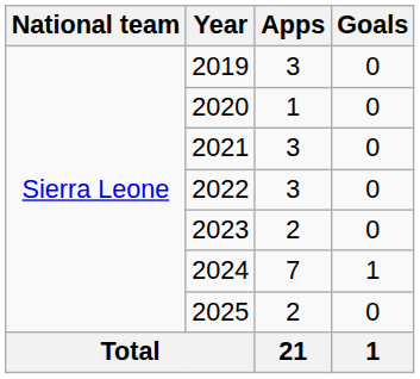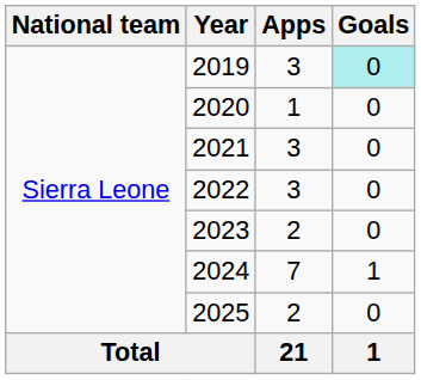 <table class="wikitable" style="text-align:center">
 <tr>
 <th>National team</th>
 <th>Year</th>
 <th>Apps</th>
 <th>Goals</th>
 </tr>
 <tr>
 <td rowspan="7"><a href='#'>Sierra Leone</a></td>
 <td>2019</td>
 <td>3</td>
-<td>0</td>
+<td style="background: paleturquoise;">0</td>
 </tr>
 <tr>
 <td>2020</td>
 <td>1</td>
 <td>0</td>
 </tr>
 <tr>
 <td>2021</td>
 <td>3</td>
 <td>0</td>
 </tr>
 <tr>
 <td>2022</td>
 <td>3</td>
 <td>0</td>
 </tr>
 <tr>
 <td>2023</td>
 <td>2</td>
 <td>0</td>
 </tr>
 <tr>
 <td>2024</td>
 <td>7</td>
 <td>1</td>
 </tr>
 <tr>
 <td>2025</td>
 <td>2</td>
 <td>0</td>
 </tr>
 <tr>
 <th colspan="2">Total</th>
 <th>21</th>
 <th>1</th>
 </tr>
 </table>
